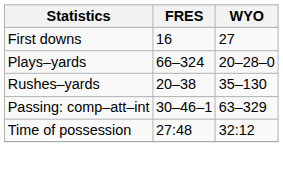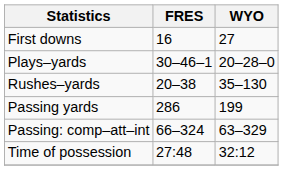 <table class="wikitable" style="float: left;">
 <tr>
 <th>Statistics</th>
 <th>FRES</th>
 <th>WYO</th>
 </tr>
 <tr>
 <td>First downs</td>
 <td>16</td>
 <td>27</td>
 </tr>
 <tr>
 <td>Plays–yards</td>
-<td>66–324</td>
+<td>30–46–1</td>
 <td>20–28–0</td>
 </tr>
 <tr>
 <td>Rushes–yards</td>
 <td>20–38</td>
 <td>35–130</td>
 </tr>
 <tr>
+<td>Passing yards</td>
+<td>286</td>
+<td>199</td>
+</tr>
+<tr>
 <td>Passing: comp–att–int</td>
-<td>30–46–1</td>
+<td>66–324</td>
 <td>63–329</td>
 </tr>
 <tr>
 <td>Time of possession</td>
 <td>27:48</td>
 <td>32:12</td>
 </tr>
 <tr>
 </tr>
 </table>
